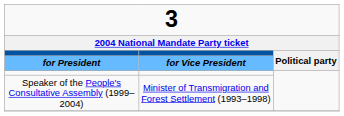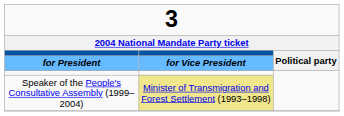 <table class="wikitable" style="font-size:90%; text-align:center">
 <tr>
 <td colspan=3 style="text-align:center;"><big><big><big><big><big><strong>3</strong></big></big></big></big></big></td>
 </tr>
 <tr>
 <td colspan=3 style="background:#f1f1f1;"><strong><a href='#'>2004 National Mandate Party ticket</a></strong></td>
 </tr>
 <tr>
 <th style="font-size:135%; background:#0054A3;"><a href='#'></a></th>
 <th style="font-size:135%; background:#0054A3;"><a href='#'></a></th>
 <td rowspan=2 style="background:#f1f1f1;"><strong>Political party</strong></td>
 </tr>
 <tr style="color:#000; font-size:100%;">
 <td style="width:3em; width:200px; background:#66BAFF;"><strong><em>for President</em></strong></td>
 <td style="width:3em; width:200px; background:#66BAFF;"><strong><em>for Vice President</em></strong></td>
 </tr>
 <tr>
 <td></td>
 <td></td>
 <td rowspan=2></td>
 </tr>
 <tr>
 <td>Speaker of the <a href='#'>People's Consultative Assembly</a> (1999–2004)</td>
-<td><a href='#'>Minister of Transmigration and Forest Settlement</a> (1993–1998)</td>
+<td style="background: khaki;"><a href='#'>Minister of Transmigration and Forest Settlement</a> (1993–1998)</td>
 </tr>
 <tr>
 </tr>
 </table>
